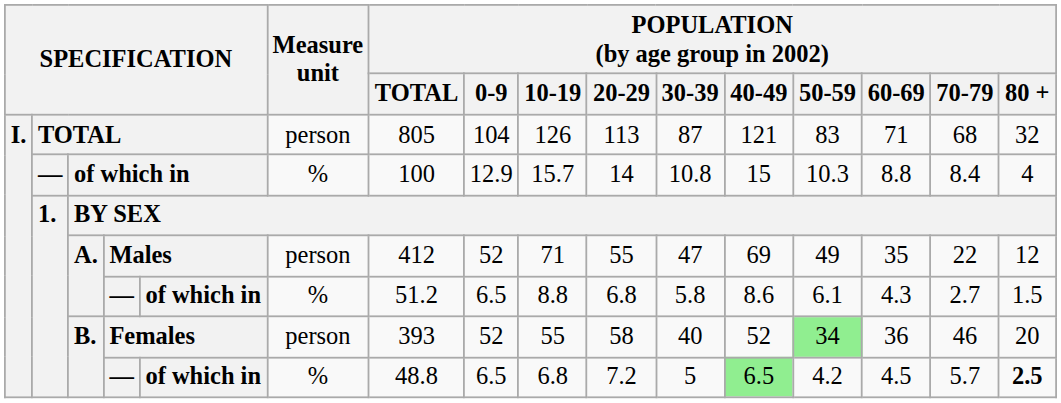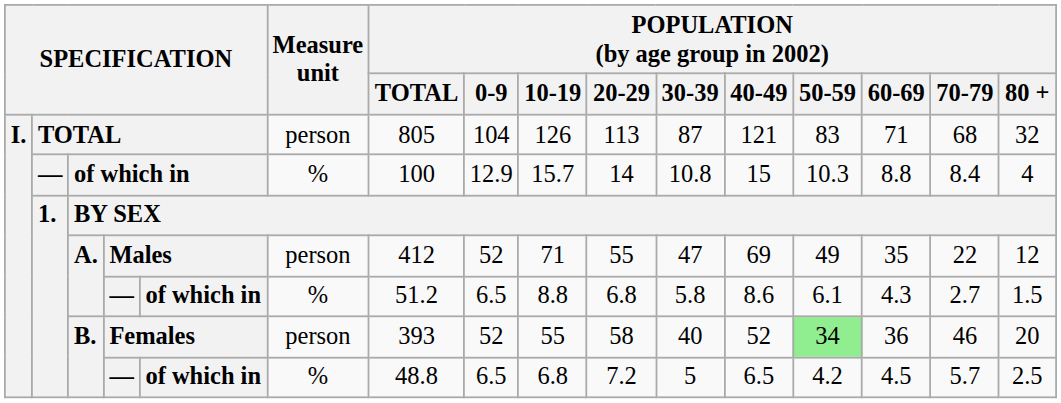 <table class="wikitable" style="font-size:85%; text-align:center">
 <tr>
 <th rowspan="2" colspan="5">SPECIFICATION</th>
 <th rowspan="2">Measure<br> unit</th>
 <th colspan="10" rowspan="1">POPULATION<br> (by age group in 2002)</th>
 </tr>
 <tr>
 <th>TOTAL</th>
 <th>0-9</th>
 <th>10-19</th>
 <th>20-29</th>
 <th>30-39</th>
 <th>40-49</th>
 <th>50-59</th>
 <th>60-69</th>
 <th>70-79</th>
 <th>80 +</th>
 </tr>
 <tr>
 <th style="text-align:left" valign="top" rowspan="7">I.</th>
 <th style="text-align:left" colspan="4">TOTAL</th>
 <td>person</td>
 <td>805</td>
 <td>104</td>
 <td>126</td>
 <td>113</td>
 <td>87</td>
 <td>121</td>
 <td>83</td>
 <td>71</td>
 <td>68</td>
 <td>32</td>
 </tr>
 <tr>
 <th style="text-align:left" valign="top">—</th>
 <th style="text-align:left" colspan="3">of which in</th>
 <td>%</td>
 <td>100</td>
 <td>12.9</td>
 <td>15.7</td>
 <td>14</td>
 <td>10.8</td>
 <td>15</td>
 <td>10.3</td>
 <td>8.8</td>
 <td>8.4</td>
 <td>4</td>
 </tr>
 <tr>
 <th style="text-align:left" valign="top" rowspan="5">1.</th>
 <th style="text-align:left" colspan="14">BY SEX</th>
 </tr>
 <tr>
 <th style="text-align:left" valign="top" rowspan="2">A.</th>
 <th style="text-align:left" colspan="2">Males</th>
 <td>person</td>
 <td>412</td>
 <td>52</td>
 <td>71</td>
 <td>55</td>
 <td>47</td>
 <td>69</td>
 <td>49</td>
 <td>35</td>
 <td>22</td>
 <td>12</td>
 </tr>
 <tr>
 <th style="text-align:left" valign="top">—</th>
 <th style="text-align:left" colspan="1">of which in</th>
 <td>%</td>
 <td>51.2</td>
 <td>6.5</td>
 <td>8.8</td>
 <td>6.8</td>
 <td>5.8</td>
 <td>8.6</td>
 <td>6.1</td>
 <td>4.3</td>
 <td>2.7</td>
 <td>1.5</td>
 </tr>
 <tr>
 <th style="text-align:left" valign="top" rowspan="2">B.</th>
 <th style="text-align:left" colspan="2">Females</th>
 <td>person</td>
 <td>393</td>
 <td>52</td>
 <td>55</td>
 <td>58</td>
 <td>40</td>
 <td>52</td>
 <td style="background: lightgreen;">34</td>
 <td>36</td>
 <td>46</td>
 <td>20</td>
 </tr>
 <tr>
 <th style="text-align:left" valign="top">—</th>
 <th style="text-align:left" colspan="1">of which in</th>
 <td>%</td>
 <td>48.8</td>
 <td>6.5</td>
 <td>6.8</td>
 <td>7.2</td>
 <td>5</td>
-<td style="background: lightgreen;">6.5</td>
+<td>6.5</td>
 <td>4.2</td>
 <td>4.5</td>
 <td>5.7</td>
-<td><strong>2.5</strong></td>
+<td>2.5</td>
 </tr>
 </table>
